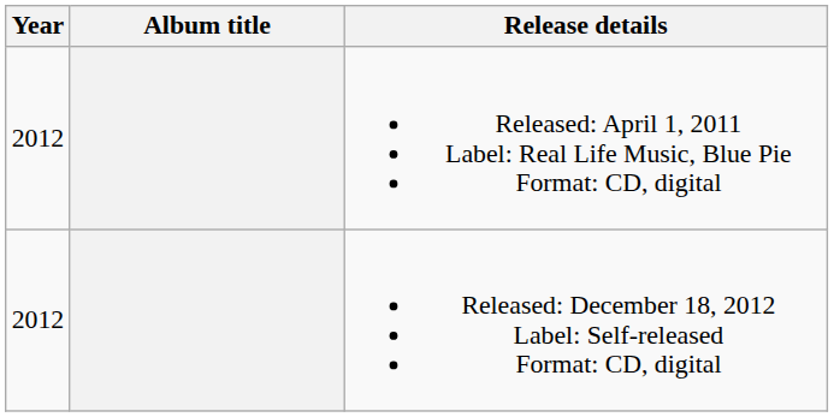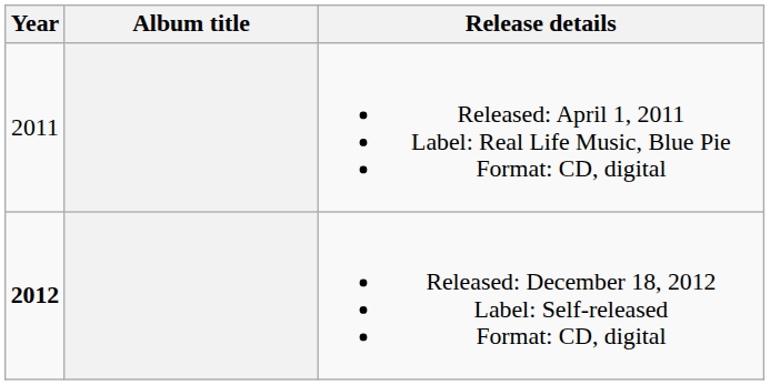 <table class="wikitable plainrowheaders" style="text-align:center;">
 <tr>
 <th>Year</th>
 <th scope="col" style="width:10em;">Album title</th>
 <th scope="col" style="width:18em;">Release details</th>
 </tr>
 <tr>
-<td>2012</td>
+<td>2011</td>
 <th></th>
 <td><br><ul><li>Released: April 1, 2011</li><li>Label: Real Life Music, Blue Pie</li><li>Format: CD, digital</li></ul></td>
 </tr>
 <tr>
-<td>2012</td>
+<td><strong>2012</strong></td>
 <th></th>
 <td><br><ul><li>Released: December 18, 2012</li><li>Label: Self-released</li><li>Format: CD, digital</li></ul></td>
 </tr>
 </table>
